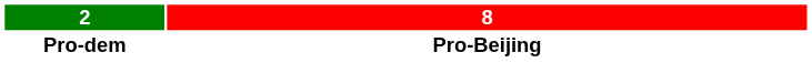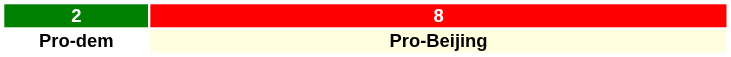 <table style="width:50%; text-align:center;">
 <tr style="color:white;">
 <td style="background:green; width:20%;"><strong>2</strong></td>
 <td style="background:red; width:80%;"><strong>8</strong></td>
 </tr>
 <tr>
 <td><span><strong>Pro-dem</strong></span></td>
-<td><span><strong>Pro-Beijing</strong></span></td>
+<td style="background: lightyellow;"><span><strong>Pro-Beijing</strong></span></td>
 </tr>
 </table>
